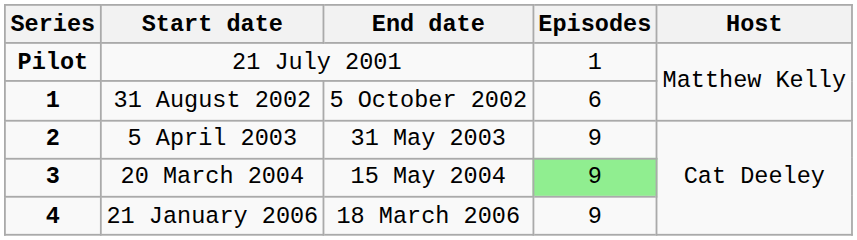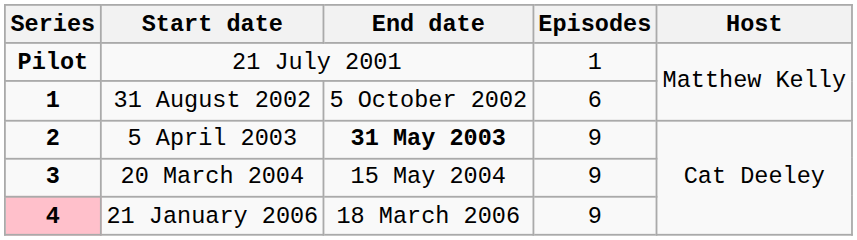 <table class="wikitable" style="text-align:center;">
 <tr>
 <th>Series</th>
 <th>Start date</th>
 <th>End date</th>
 <th>Episodes</th>
 <th>Host</th>
 </tr>
 <tr>
 <td><strong>Pilot</strong></td>
 <td colspan=2>21 July 2001</td>
 <td>1</td>
 <td rowspan=2>Matthew Kelly</td>
 </tr>
 <tr>
 <td><strong>1</strong></td>
 <td>31 August 2002</td>
 <td>5 October 2002</td>
 <td>6</td>
 </tr>
 <tr>
 <td><strong>2</strong></td>
 <td>5 April 2003</td>
-<td>31 May 2003</td>
+<td><strong>31 May 2003</strong></td>
 <td>9</td>
 <td rowspan=3>Cat Deeley</td>
 </tr>
 <tr>
 <td><strong>3</strong></td>
 <td>20 March 2004</td>
 <td>15 May 2004</td>
-<td style="background: lightgreen;">9</td>
+<td>9</td>
 </tr>
 <tr>
-<td><strong>4</strong></td>
+<td style="background: pink;"><strong>4</strong></td>
 <td>21 January 2006</td>
 <td>18 March 2006</td>
 <td>9</td>
 </tr>
 </table>
